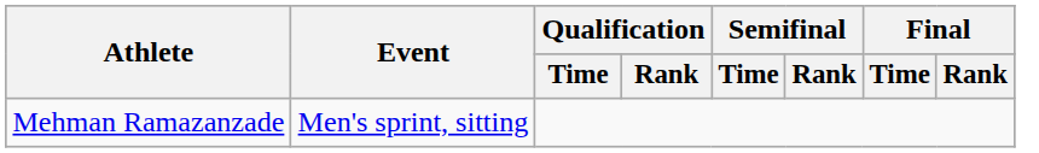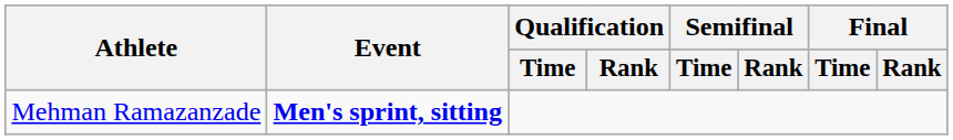 <table class=wikitable style=font-size:90%;text-align:center>
 <tr>
 <th rowspan=2>Athlete</th>
 <th rowspan=2>Event</th>
 <th colspan=2>Qualification</th>
 <th colspan=2>Semifinal</th>
 <th colspan=2>Final</th>
 </tr>
 <tr style="font-size: 95%">
 <th>Time</th>
 <th>Rank</th>
 <th>Time</th>
 <th>Rank</th>
 <th>Time</th>
 <th>Rank</th>
 </tr>
 <tr>
 <td align=left><a href='#'>Mehman Ramazanzade</a></td>
-<td align=left><a href='#'>Men's sprint, sitting</a></td>
+<td align=left><strong><a href='#'>Men's sprint, sitting</a></strong></td>
 <td colspan=6></td>
 </tr>
 </table>
